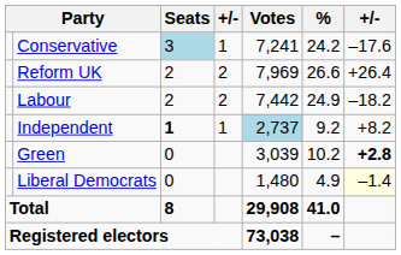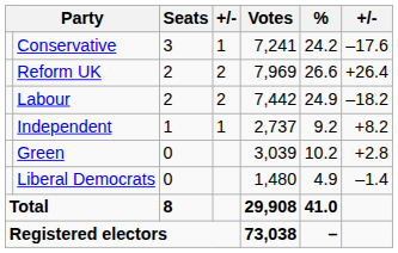 <table class="wikitable sortable">
 <tr>
 <th colspan="2">Party</th>
 <th>Seats</th>
 <th>+/-</th>
 <th>Votes</th>
 <th>%</th>
 <th>+/-</th>
 </tr>
 <tr>
 <td style="background-color: "></td>
 <td><a href='#'>Conservative</a></td>
-<td style="background: lightblue;">3</td>
+<td>3</td>
 <td> 1</td>
 <td style="text-align:right;">7,241</td>
 <td style="text-align:right;">24.2</td>
 <td style="text-align:right;">–17.6</td>
 </tr>
 <tr>
 <td style="background-color: "></td>
 <td><a href='#'>Reform UK</a></td>
 <td>2</td>
 <td> 2</td>
 <td style="text-align:right;">7,969</td>
 <td style="text-align:right;">26.6</td>
 <td style="text-align:right;">+26.4</td>
 </tr>
 <tr>
 <td style="background-color: "></td>
 <td><a href='#'>Labour</a></td>
 <td>2</td>
 <td> 2</td>
 <td style="text-align:right;">7,442</td>
 <td style="text-align:right;">24.9</td>
 <td style="text-align:right;">–18.2</td>
 </tr>
 <tr>
 <td style="background-color: "></td>
 <td><a href='#'>Independent</a></td>
-<td><strong>1</strong></td>
+<td>1</td>
 <td> 1</td>
-<td style="background: lightblue; text-align:right;">2,737</td>
+<td style="text-align:right;">2,737</td>
 <td style="text-align:right;">9.2</td>
 <td style="text-align:right;">+8.2</td>
 </tr>
 <tr>
 <td style="background-color: "></td>
 <td><a href='#'>Green</a></td>
 <td>0</td>
 <td></td>
 <td style="text-align:right;">3,039</td>
 <td style="text-align:right;">10.2</td>
-<td style="text-align:right;"><strong>+2.8</strong></td>
+<td style="text-align:right;">+2.8</td>
 </tr>
 <tr>
 <td style="background-color: "></td>
 <td><a href='#'>Liberal Democrats</a></td>
 <td>0</td>
 <td></td>
 <td style="text-align:right;">1,480</td>
 <td style="text-align:right;">4.9</td>
-<td style="background: lightyellow; text-align:right;">–1.4</td>
+<td style="text-align:right;">–1.4</td>
 </tr>
 <tr>
 <td colspan="2"><strong>Total</strong></td>
 <td><strong>8</strong></td>
 <td></td>
 <td style="text-align:right;"><strong>29,908</strong></td>
 <td style="text-align:right;"><strong>41.0</strong></td>
 <td style="text-align:right;"></td>
 </tr>
 <tr>
 <td colspan="4"><strong>Registered electors</strong></td>
 <td style="text-align:right;"><strong>73,038</strong></td>
 <td style="text-align:right;"><strong>–</strong></td>
 <td style="text-align:right;"></td>
 </tr>
 </table>
